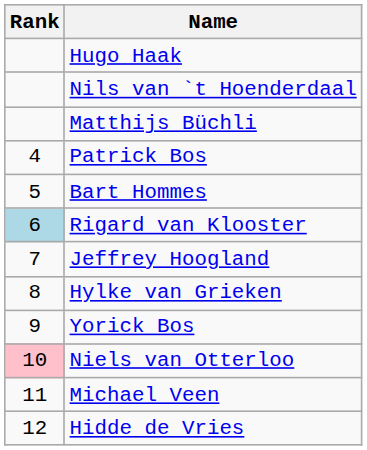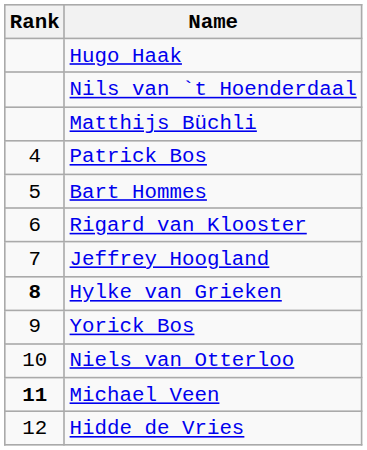 <table class="wikitable sortable" style="text-align:center">
 <tr>
 <th>Rank</th>
 <th>Name</th>
 </tr>
 <tr>
 <td></td>
 <td align=left><a href='#'>Hugo Haak</a></td>
 </tr>
 <tr>
 <td></td>
 <td align=left><a href='#'>Nils van `t Hoenderdaal</a></td>
 </tr>
 <tr>
 <td></td>
 <td align=left><a href='#'>Matthijs Büchli</a></td>
 </tr>
 <tr>
 <td>4</td>
 <td align=left><a href='#'>Patrick Bos</a></td>
 </tr>
 <tr>
 <td>5</td>
 <td align=left><a href='#'>Bart Hommes</a></td>
 </tr>
 <tr>
-<td style="background: lightblue;">6</td>
+<td>6</td>
 <td align=left><a href='#'>Rigard van Klooster</a></td>
 </tr>
 <tr>
 <td>7</td>
 <td align=left><a href='#'>Jeffrey Hoogland</a></td>
 </tr>
 <tr>
-<td>8</td>
+<td><strong>8</strong></td>
 <td align=left><a href='#'>Hylke van Grieken</a></td>
 </tr>
 <tr>
 <td>9</td>
 <td align=left><a href='#'>Yorick Bos</a></td>
 </tr>
 <tr>
-<td style="background: pink;">10</td>
+<td>10</td>
 <td align=left><a href='#'>Niels van Otterloo</a></td>
 </tr>
 <tr>
-<td>11</td>
+<td><strong>11</strong></td>
 <td align=left><a href='#'>Michael Veen</a></td>
 </tr>
 <tr>
 <td>12</td>
 <td align=left><a href='#'>Hidde de Vries</a></td>
 </tr>
 </table>
